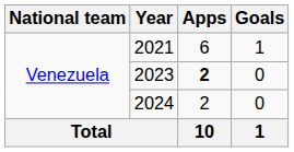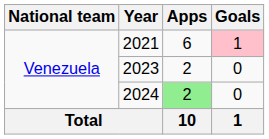 <table class="wikitable" style="text-align:center">
 <tr>
 <th>National team</th>
 <th>Year</th>
 <th>Apps</th>
 <th>Goals</th>
 </tr>
 <tr>
 <td rowspan="3"><a href='#'>Venezuela</a></td>
 <td>2021</td>
 <td>6</td>
-<td>1</td>
+<td style="background: pink;">1</td>
 </tr>
 <tr>
 <td>2023</td>
-<td><strong>2</strong></td>
+<td>2</td>
 <td>0</td>
 </tr>
 <tr>
 <td>2024</td>
-<td>2</td>
+<td style="background: lightgreen;">2</td>
 <td>0</td>
 </tr>
 <tr>
 <th colspan="2">Total</th>
 <th>10</th>
 <th>1</th>
 </tr>
 </table>
